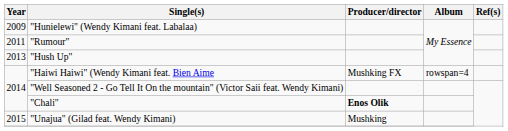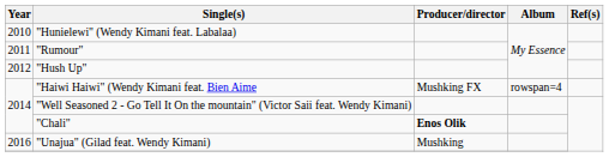 <table class="wikitable sortable">
 <tr>
 <th>Year</th>
 <th>Single(s)</th>
 <th>Producer/director</th>
 <th>Album</th>
 <th>Ref(s)</th>
 </tr>
 <tr>
-<td>2009</td>
+<td>2010</td>
 <td>"Hunielewi" (Wendy Kimani feat. Labalaa)</td>
 <td></td>
 <td rowspan=3><em>My Essence</em></td>
 <td></td>
 </tr>
 <tr>
 <td>2011</td>
 <td>"Rumour"</td>
 <td></td>
 <td></td>
 </tr>
 <tr>
-<td>2013</td>
+<td>2012</td>
 <td>"Hush Up"</td>
 <td></td>
 <td></td>
 </tr>
 <tr>
 <td rowspan=3>2014</td>
 <td>"Haiwi Haiwi" (Wendy Kimani feat. <a href='#'>Bien Aime</a></td>
 <td>Mushking FX</td>
 <td>rowspan=4 </td>
 <td></td>
 </tr>
 <tr>
 <td>"Well Seasoned 2 - Go Tell It On the mountain" (Victor Saii feat. Wendy Kimani)</td>
 <td></td>
 <td></td>
 </tr>
 <tr>
 <td>"Chali"</td>
 <td><strong>Enos Olik</strong></td>
 <td></td>
 </tr>
 <tr>
-<td>2015</td>
+<td>2016</td>
 <td>"Unajua" (Gilad feat. Wendy Kimani)</td>
 <td>Mushking</td>
 <td></td>
 </tr>
 <tr>
 </tr>
 </table>
